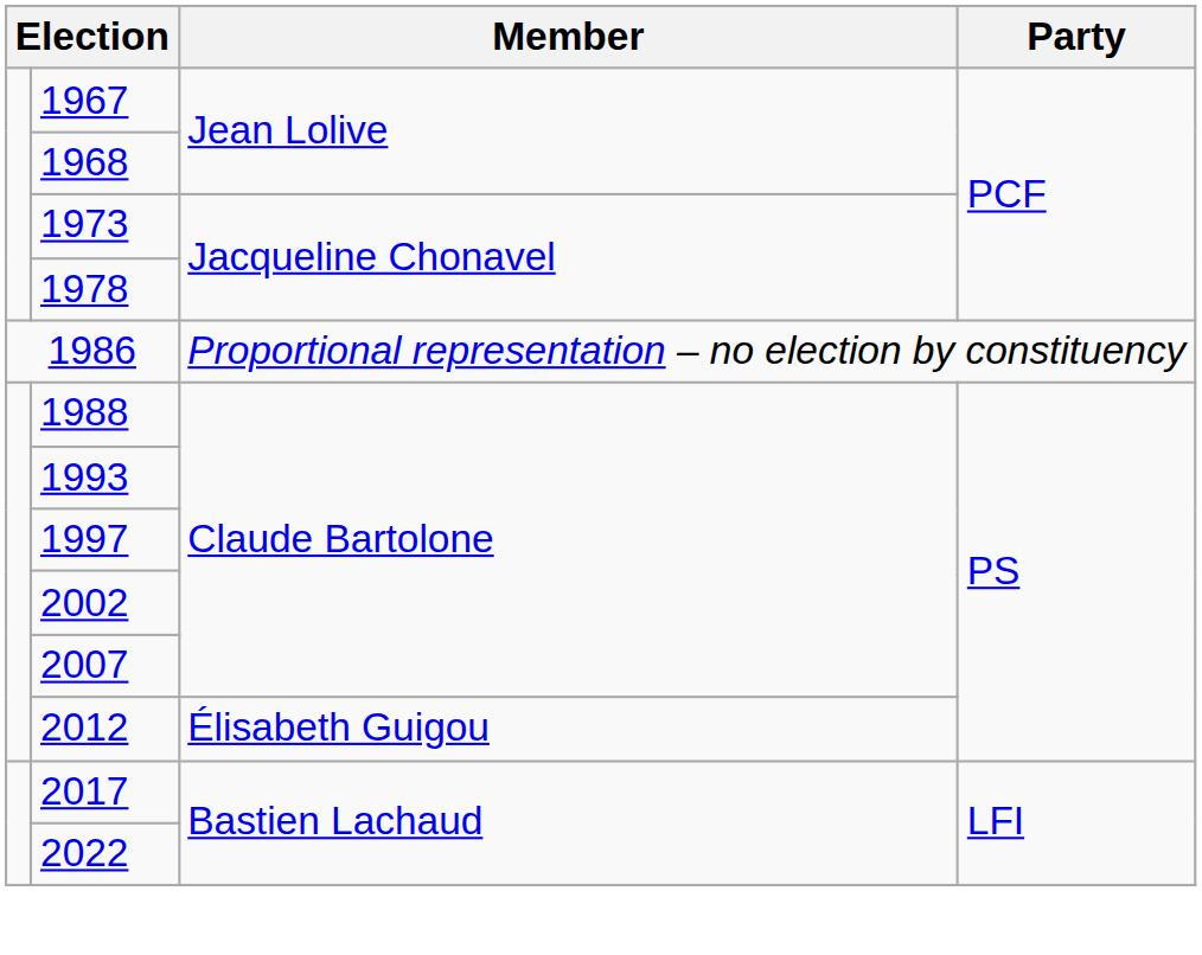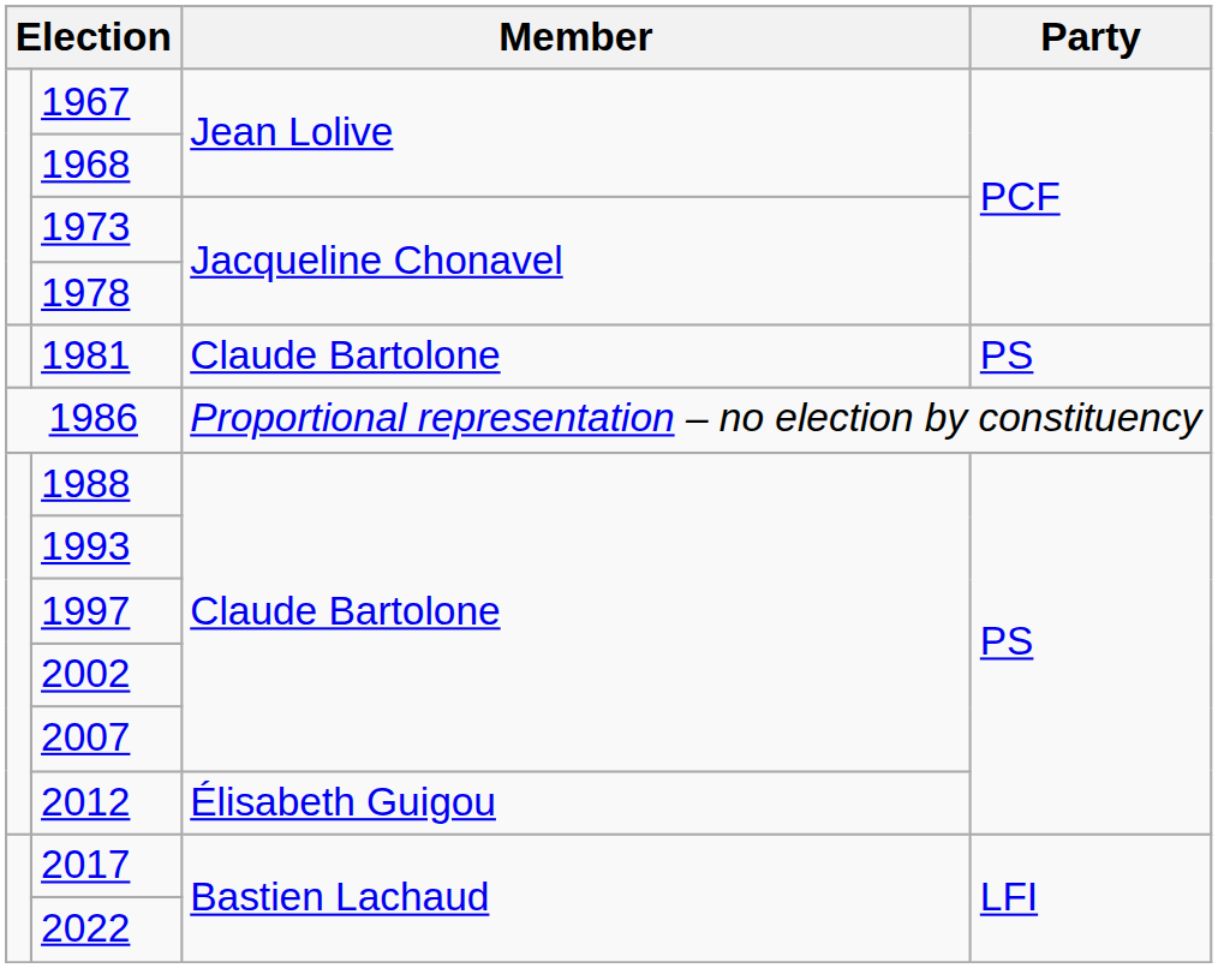 <table class="wikitable">
 <tr>
 <th colspan="2">Election</th>
 <th>Member</th>
 <th>Party</th>
 </tr>
 <tr>
 <td rowspan="4" style="color:inherit;background:"></td>
 <td><a href='#'>1967</a></td>
 <td rowspan="2"><a href='#'>Jean Lolive</a></td>
 <td rowspan="4"><a href='#'>PCF</a></td>
 </tr>
 <tr>
 <td><a href='#'>1968</a></td>
 </tr>
 <tr>
 <td><a href='#'>1973</a></td>
 <td rowspan="2"><a href='#'>Jacqueline Chonavel</a></td>
 </tr>
 <tr>
 <td><a href='#'>1978</a></td>
+</tr>
+<tr>
+<td style="color:inherit;background:"></td>
+<td><a href='#'>1981</a></td>
+<td><a href='#'>Claude Bartolone</a></td>
+<td><a href='#'>PS</a></td>
 </tr>
 <tr>
 <td colspan="2" align="center"><a href='#'>1986</a></td>
 <td colspan="2"><em><a href='#'>Proportional representation</a> – no election by constituency</em></td>
 </tr>
 <tr>
 <td rowspan="6" style="color:inherit;background:"></td>
 <td><a href='#'>1988</a></td>
 <td rowspan="5"><a href='#'>Claude Bartolone</a></td>
 <td rowspan="6"><a href='#'>PS</a></td>
 </tr>
 <tr>
 <td><a href='#'>1993</a></td>
 </tr>
 <tr>
 <td><a href='#'>1997</a></td>
 </tr>
 <tr>
 <td><a href='#'>2002</a></td>
 </tr>
 <tr>
 <td><a href='#'>2007</a></td>
 </tr>
 <tr>
 <td><a href='#'>2012</a></td>
 <td><a href='#'>Élisabeth Guigou</a></td>
 </tr>
 <tr>
 <td rowspan="2" style="color:inherit;background:"></td>
 <td><a href='#'>2017</a></td>
 <td rowspan="2"><a href='#'>Bastien Lachaud</a></td>
 <td rowspan="2"><a href='#'>LFI</a></td>
 </tr>
 <tr>
 <td><a href='#'>2022</a></td>
 </tr>
 </table>
